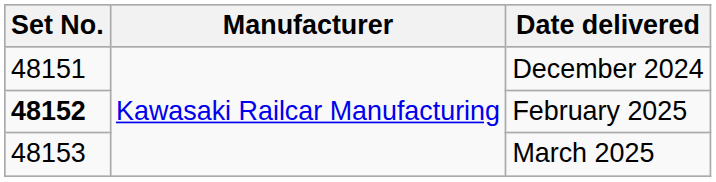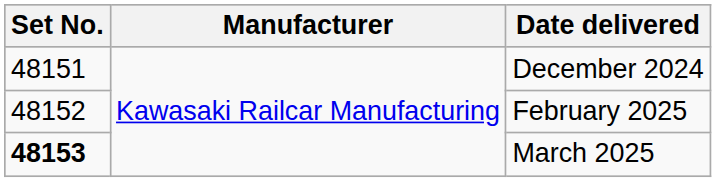 <table class="wikitable">
 <tr>
 <th>Set No.</th>
 <th>Manufacturer</th>
 <th>Date delivered</th>
 </tr>
 <tr>
 <td>48151</td>
 <td rowspan="3"><a href='#'>Kawasaki Railcar Manufacturing</a></td>
 <td>December 2024</td>
 </tr>
 <tr>
-<td><strong>48152</strong></td>
+<td>48152</td>
 <td>February 2025</td>
 </tr>
 <tr>
-<td>48153</td>
+<td><strong>48153</strong></td>
 <td>March 2025</td>
 </tr>
 </table>
